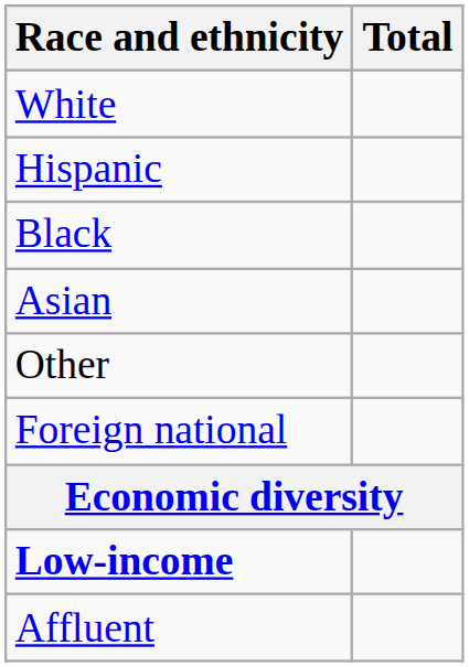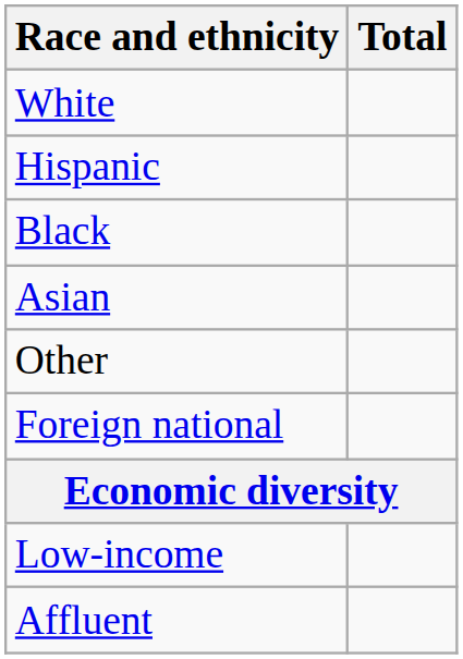 <table class="wikitable sortable collapsible"; text-align:right; font-size:80%;">
 <tr>
 <th>Race and ethnicity</th>
 <th colspan="2" data-sort-type=number>Total</th>
 </tr>
 <tr>
 <td><a href='#'>White</a></td>
 <td align=right></td>
 </tr>
 <tr>
 <td><a href='#'>Hispanic</a></td>
 <td align=right></td>
 </tr>
 <tr>
 <td><a href='#'>Black</a></td>
 <td align=right></td>
 </tr>
 <tr>
 <td><a href='#'>Asian</a></td>
 <td align=right></td>
 </tr>
 <tr>
 <td>Other</td>
 <td align=right></td>
 </tr>
 <tr>
 <td><a href='#'>Foreign national</a></td>
 <td align=right></td>
 </tr>
 <tr>
 <th colspan="4" data-sort-type=number><a href='#'>Economic diversity</a></th>
 </tr>
 <tr>
-<td><strong><a href='#'>Low-income</a></strong></td>
+<td><a href='#'>Low-income</a></td>
 <td align=right></td>
 </tr>
 <tr>
 <td><a href='#'>Affluent</a></td>
 <td align=right></td>
 </tr>
 </table>
